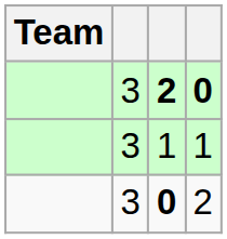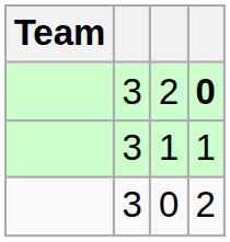 <table class=wikitable style="text-align:center">
 <tr>
 <th>Team</th>
 <th></th>
 <th></th>
 <th></th>
 </tr>
 <tr bgcolor=ccffcc>
 <td style="text-align:left"></td>
 <td>3</td>
-<td><strong>2</strong></td>
+<td>2</td>
 <td><strong>0</strong></td>
 </tr>
 <tr bgcolor=ccffcc>
 <td style="text-align:left"></td>
 <td>3</td>
 <td>1</td>
 <td>1</td>
 </tr>
 <tr>
 <td style="text-align:left"></td>
 <td>3</td>
-<td><strong>0</strong></td>
+<td>0</td>
 <td>2</td>
 </tr>
 </table>
